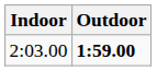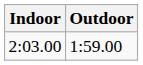 <table class="wikitable" border="1" align="upright">
 <tr>
 <th>Indoor</th>
 <th>Outdoor</th>
 </tr>
 <tr>
 <td>2:03.00</td>
-<td><strong>1:59.00</strong></td>
+<td>1:59.00</td>
 </tr>
 </table>
